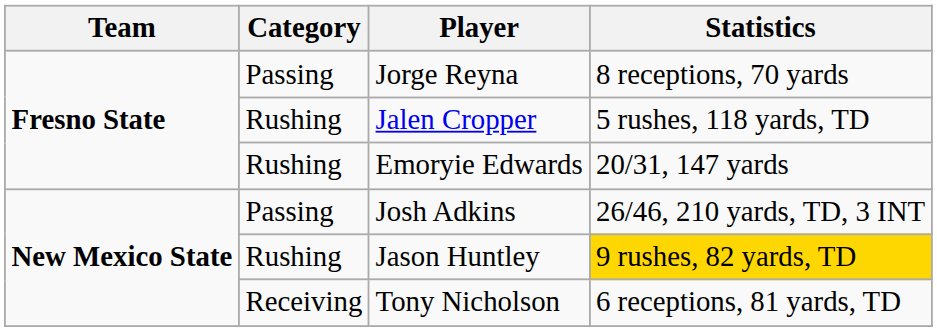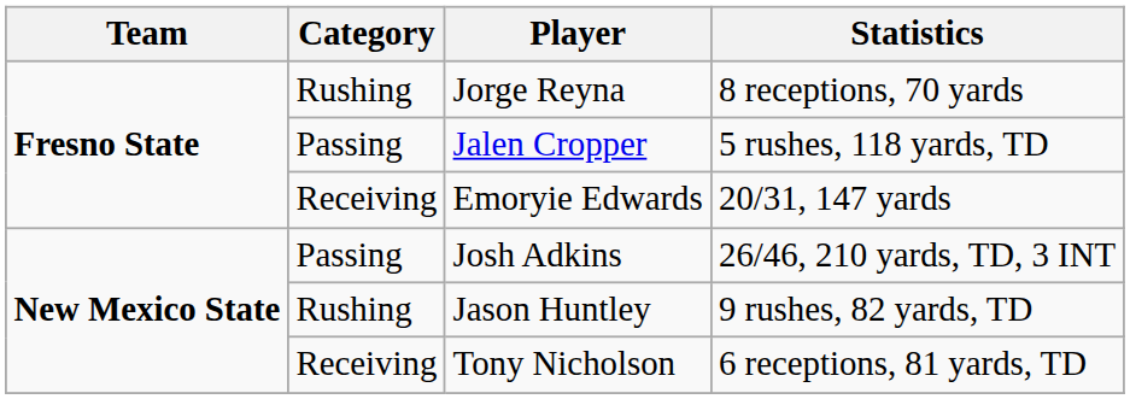 <table class="wikitable" style="float: left;">
 <tr>
 <th>Team</th>
 <th>Category</th>
 <th>Player</th>
 <th>Statistics</th>
 </tr>
 <tr>
 <td rowspan=3><strong>Fresno State</strong></td>
-<td>Passing</td>
+<td>Rushing</td>
 <td>Jorge Reyna</td>
 <td>8 receptions, 70 yards</td>
 </tr>
 <tr>
-<td>Rushing</td>
+<td>Passing</td>
 <td><a href='#'>Jalen Cropper</a></td>
 <td>5 rushes, 118 yards, TD</td>
 </tr>
 <tr>
-<td>Rushing</td>
+<td>Receiving</td>
 <td>Emoryie Edwards</td>
 <td>20/31, 147 yards</td>
 </tr>
 <tr>
 <td rowspan=3><strong>New Mexico State</strong></td>
 <td>Passing</td>
 <td>Josh Adkins</td>
 <td>26/46, 210 yards, TD, 3 INT</td>
 </tr>
 <tr>
 <td>Rushing</td>
 <td>Jason Huntley</td>
-<td style="background: gold;">9 rushes, 82 yards, TD</td>
+<td>9 rushes, 82 yards, TD</td>
 </tr>
 <tr>
 <td>Receiving</td>
 <td>Tony Nicholson</td>
 <td>6 receptions, 81 yards, TD</td>
 </tr>
 </table>
